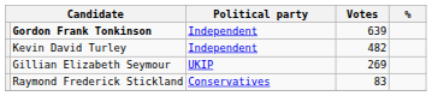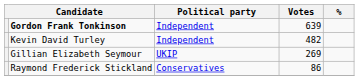 <table class="wikitable">
 <tr>
 <th valign=top colspan="2" style="width: 180px">Candidate</th>
 <th valign=top style="width: 180px">Political party</th>
 <th valign=top style="width: 60px">Votes</th>
 <th valign=top style="width: 40px">%</th>
 </tr>
 <tr>
 <th style="background-color: "></th>
 <td><strong>Gordon Frank Tonkinson</strong></td>
 <td><a href='#'>Independent</a></td>
 <td align="right">639</td>
 <td align="right"></td>
 </tr>
 <tr>
 <th style="background-color: "></th>
 <td>Kevin David Turley</td>
 <td><a href='#'>Independent</a></td>
 <td align="right">482</td>
 <td align="right"></td>
 </tr>
 <tr>
 <th style="background-color: "></th>
 <td>Gillian Elizabeth Seymour</td>
 <td><a href='#'>UKIP</a></td>
 <td align="right">269</td>
 <td align="right"></td>
 </tr>
 <tr>
 <th style="background-color: "></th>
 <td>Raymond Frederick Stickland</td>
 <td><a href='#'>Conservatives</a></td>
-<td align="right">83</td>
+<td align="right">86</td>
 <td align="right"></td>
 </tr>
 <tr>
 </tr>
 </table>
